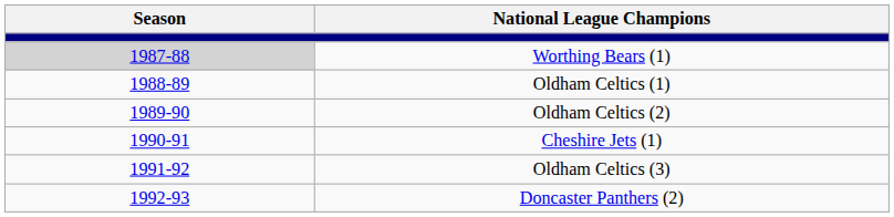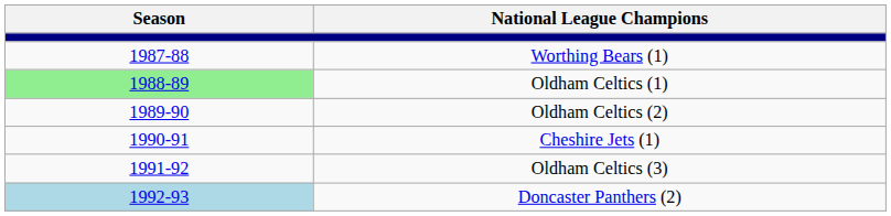 <table class="wikitable" style="text-align:center;font-size:100%;width: 50%">
 <tr bgcolor="#efefef">
 </tr>
 <tr>
 <th width=35%>Season</th>
 <th width=65%>National League Champions</th>
 </tr>
 <tr>
 <td colspan="7" align=center bgcolor="navy"></td>
 </tr>
 <tr>
-<td style="background: lightgrey;"><a href='#'>1987-88</a></td>
+<td><a href='#'>1987-88</a></td>
 <td><a href='#'>Worthing Bears</a> (1)</td>
 </tr>
 <tr>
-<td><a href='#'>1988-89</a></td>
+<td style="background: lightgreen;"><a href='#'>1988-89</a></td>
 <td>Oldham Celtics (1)</td>
 </tr>
 <tr>
 <td><a href='#'>1989-90</a></td>
 <td>Oldham Celtics (2)</td>
 </tr>
 <tr>
 <td><a href='#'>1990-91</a></td>
 <td><a href='#'>Cheshire Jets</a> (1)</td>
 </tr>
 <tr>
 <td><a href='#'>1991-92</a></td>
 <td>Oldham Celtics (3)</td>
 </tr>
 <tr>
-<td><a href='#'>1992-93</a></td>
+<td style="background: lightblue;"><a href='#'>1992-93</a></td>
 <td><a href='#'>Doncaster Panthers</a> (2)</td>
 </tr>
 </table>
